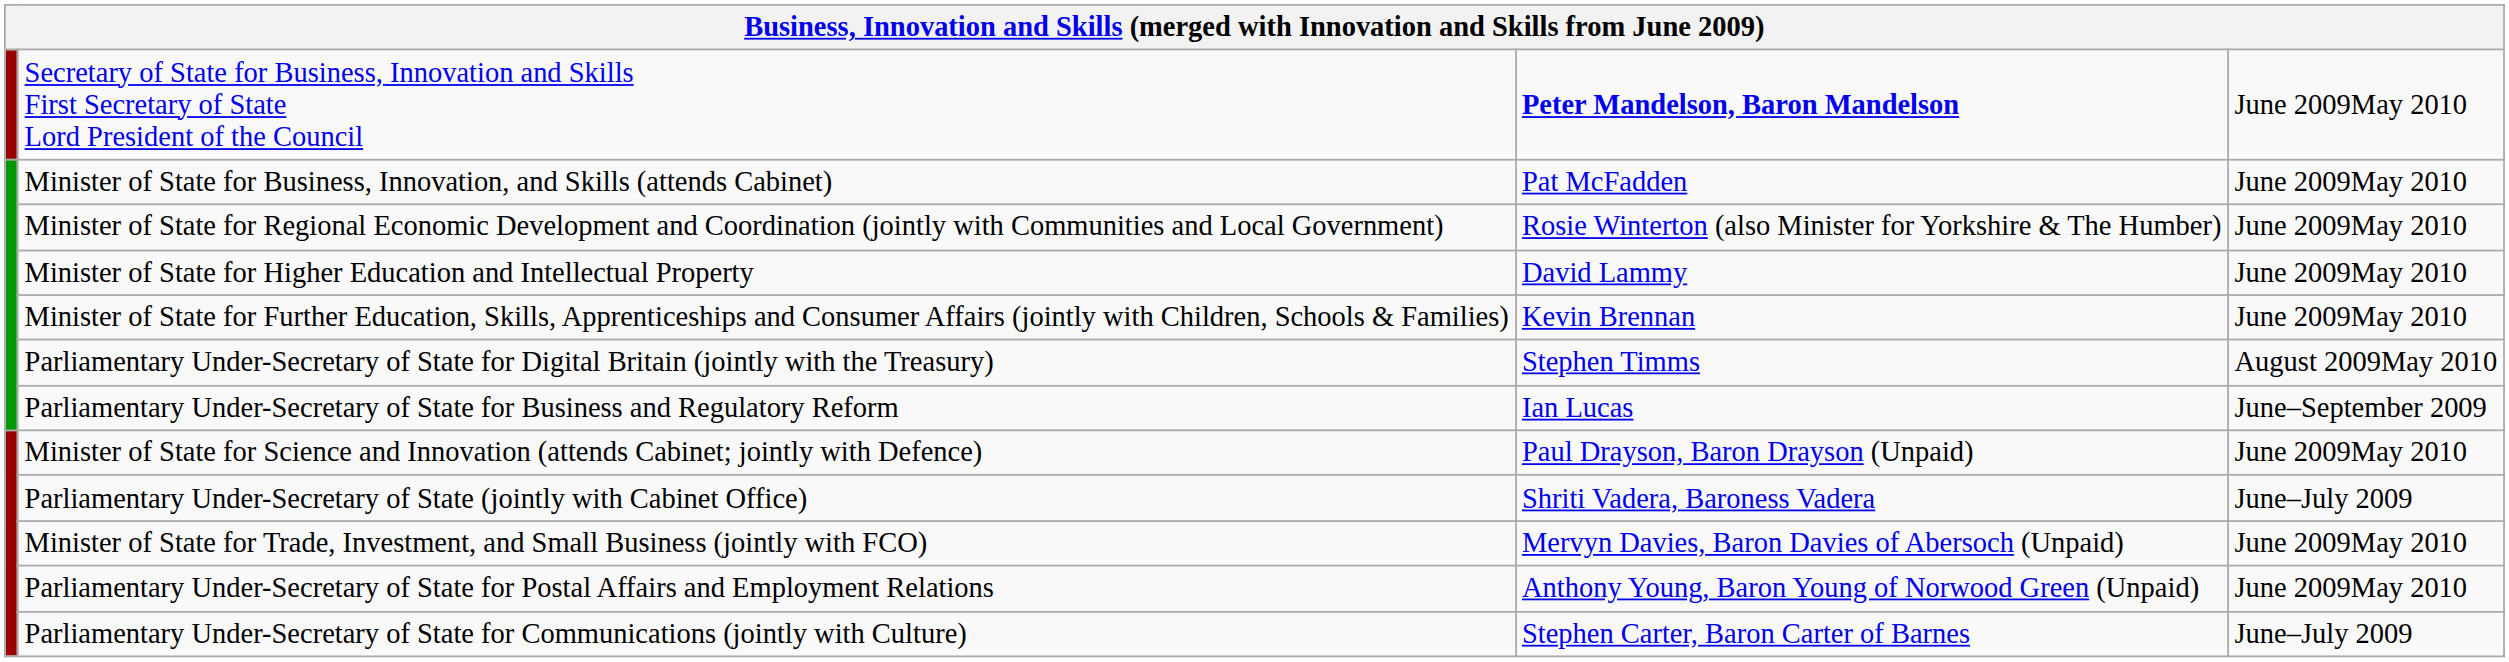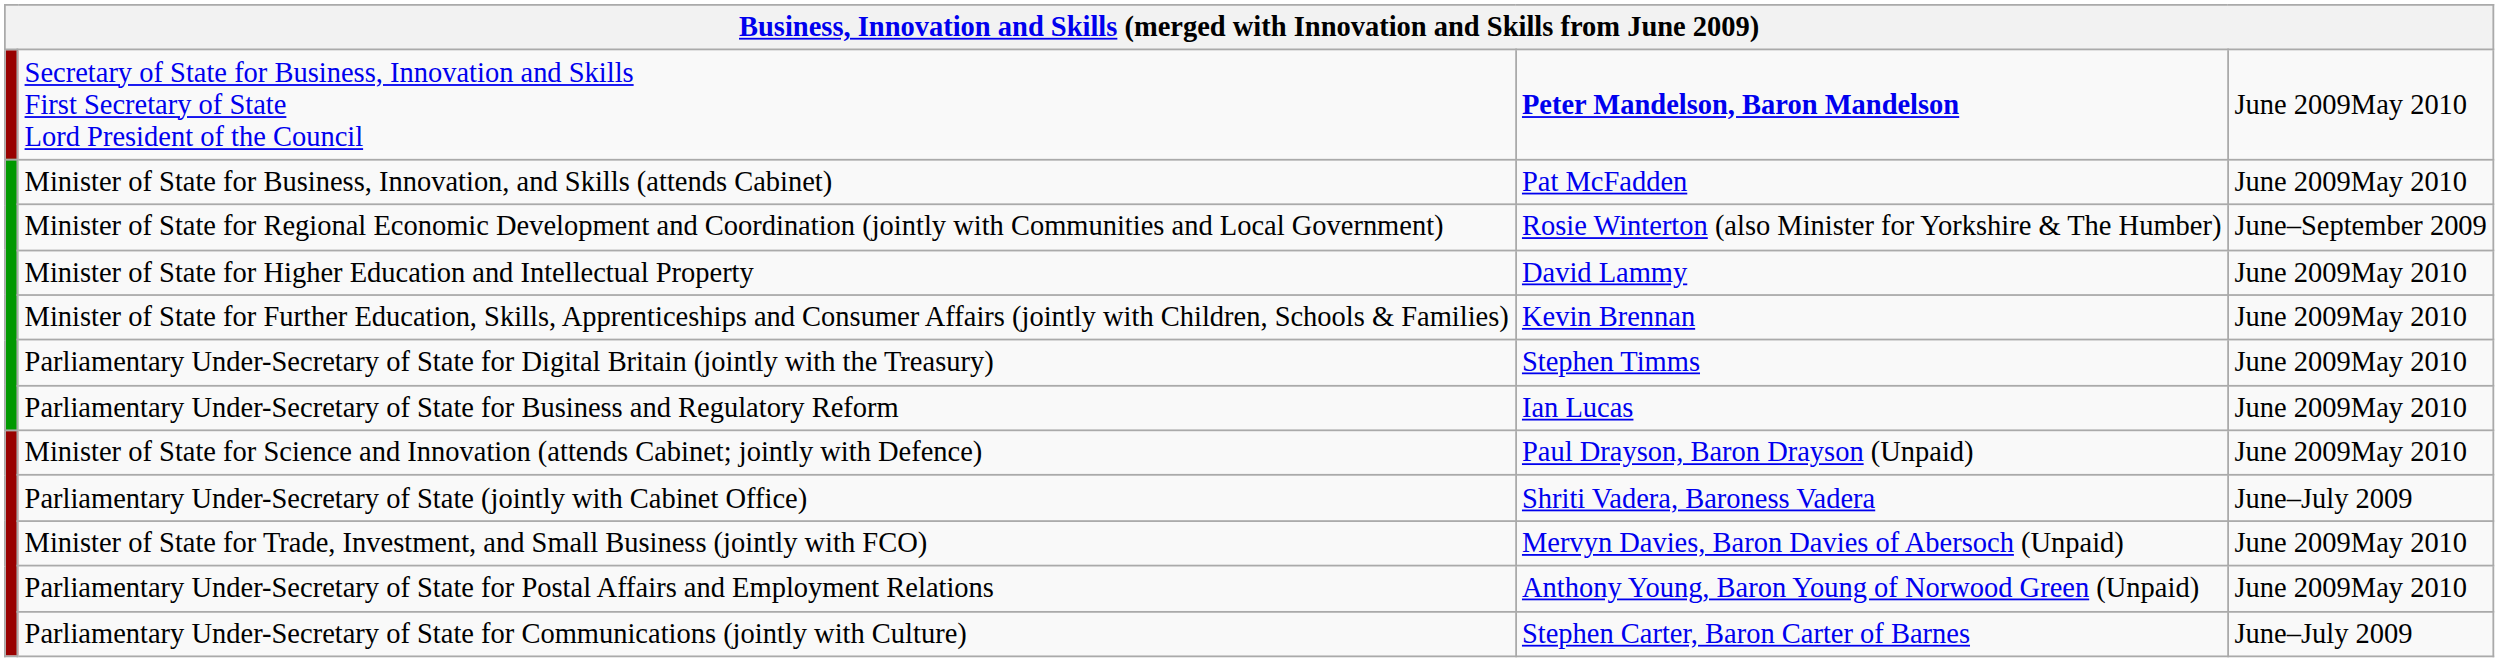 <table class="wikitable">
 <tr>
 <th colspan=4><a href='#'>Business, Innovation and Skills</a>   (merged with Innovation and Skills from June 2009)</th>
 </tr>
 <tr>
 <td rowspan=1 bgcolor="990000"></td>
 <td><a href='#'>Secretary of State for Business, Innovation and Skills</a><br><a href='#'>First Secretary of State</a><br><a href='#'>Lord President of the Council</a></td>
 <td><strong><a href='#'>Peter Mandelson, Baron Mandelson</a></strong></td>
 <td>June 2009May 2010</td>
 </tr>
 <tr>
 <td rowspan=6 bgcolor="009900"></td>
 <td>Minister of State for Business, Innovation, and Skills (attends Cabinet)</td>
 <td><a href='#'>Pat McFadden</a></td>
 <td>June 2009May 2010</td>
 </tr>
 <tr>
 <td>Minister of State for Regional Economic Development and Coordination (jointly with Communities and Local Government)</td>
 <td><a href='#'>Rosie Winterton</a> (also Minister for Yorkshire & The Humber)</td>
-<td>June 2009May 2010</td>
+<td>June–September 2009</td>
 </tr>
 <tr>
 <td>Minister of State for Higher Education and Intellectual Property</td>
 <td><a href='#'>David Lammy</a></td>
 <td>June 2009May 2010</td>
 </tr>
 <tr>
 <td>Minister of State for Further Education, Skills, Apprenticeships and Consumer Affairs (jointly with Children, Schools & Families)</td>
 <td><a href='#'>Kevin Brennan</a></td>
 <td>June 2009May 2010</td>
 </tr>
 <tr>
 <td>Parliamentary Under-Secretary of State for Digital Britain (jointly with the Treasury)</td>
 <td><a href='#'>Stephen Timms</a></td>
-<td>August 2009May 2010</td>
+<td>June 2009May 2010</td>
 </tr>
 <tr>
 <td>Parliamentary Under-Secretary of State for Business and Regulatory Reform</td>
 <td><a href='#'>Ian Lucas</a></td>
-<td>June–September 2009</td>
+<td>June 2009May 2010</td>
 </tr>
 <tr>
 <td rowspan=5 bgcolor="990000"></td>
 <td>Minister of State for Science and Innovation (attends Cabinet; jointly with Defence)</td>
 <td><a href='#'>Paul Drayson, Baron Drayson</a> (Unpaid)</td>
 <td>June 2009May 2010</td>
 </tr>
 <tr>
 <td>Parliamentary Under-Secretary of State (jointly with Cabinet Office)</td>
 <td><a href='#'>Shriti Vadera, Baroness Vadera</a></td>
 <td>June–July 2009</td>
 </tr>
 <tr>
 <td>Minister of State for Trade, Investment, and Small Business (jointly with FCO)</td>
 <td><a href='#'>Mervyn Davies, Baron Davies of Abersoch</a> (Unpaid)</td>
 <td>June 2009May 2010</td>
 </tr>
 <tr>
 <td>Parliamentary Under-Secretary of State for Postal Affairs and Employment Relations</td>
 <td><a href='#'>Anthony Young, Baron Young of Norwood Green</a> (Unpaid)</td>
 <td>June 2009May 2010</td>
 </tr>
 <tr>
 <td>Parliamentary Under-Secretary of State for Communications (jointly with Culture)</td>
 <td><a href='#'>Stephen Carter, Baron Carter of Barnes</a></td>
 <td>June–July 2009</td>
 </tr>
 </table>
